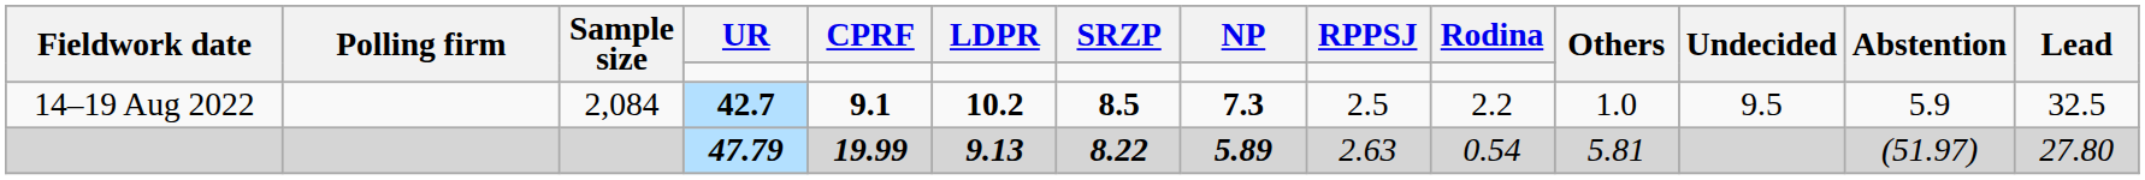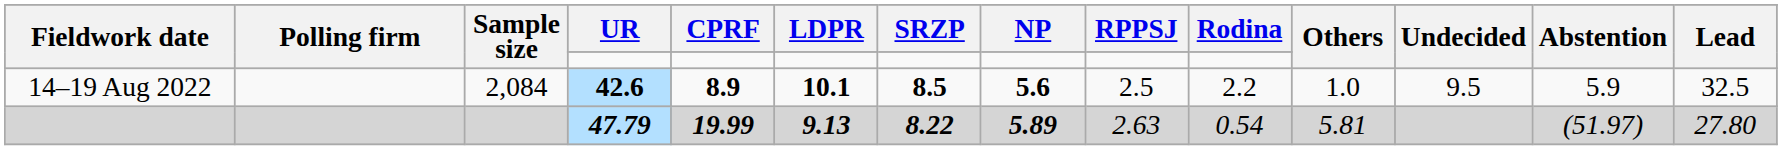 <table class=wikitable style="font-size:95%; line-height:14px; text-align:center">
 <tr>
 <th style=width:120px; rowspan=2>Fieldwork date</th>
 <th style=width:120px; rowspan=2>Polling firm</th>
 <th style=width:50px; rowspan=2>Sample<br>size</th>
 <th style="width:50px;"><a href='#'>UR</a></th>
 <th style="width:50px;"><a href='#'>CPRF</a></th>
 <th style="width:50px;"><a href='#'>LDPR</a></th>
 <th style="width:50px;"><a href='#'>SRZP</a></th>
 <th style="width:50px;"><a href='#'>NP</a></th>
 <th style="width:50px;"><a href='#'>RPPSJ</a></th>
 <th style="width:50px;"><a href='#'>Rodina</a></th>
 <th style="width:50px;" rowspan=2>Others</th>
 <th style="width:50px;" rowspan=2>Undecided</th>
 <th style="width:50px;" rowspan=2>Abstention</th>
 <th style="width:50px;" rowspan="2">Lead</th>
 </tr>
 <tr>
 <td bgcolor=></td>
 <td bgcolor=></td>
 <td bgcolor=></td>
 <td bgcolor=></td>
 <td bgcolor=></td>
 <td bgcolor=></td>
 <td bgcolor=></td>
 </tr>
 <tr>
 <td>14–19 Aug 2022</td>
 <td></td>
 <td>2,084</td>
-<td style="background:#B3E0FF"><strong>42.7</strong></td>
-<td><strong>9.1</strong></td>
-<td><strong>10.2</strong></td>
+<td style="background:#B3E0FF"><strong>42.6</strong></td>
+<td><strong>8.9</strong></td>
+<td><strong>10.1</strong></td>
 <td><strong>8.5</strong></td>
-<td><strong>7.3</strong></td>
+<td><strong>5.6</strong></td>
 <td>2.5</td>
 <td>2.2</td>
 <td>1.0</td>
 <td>9.5</td>
 <td>5.9</td>
 <td style="background:">32.5</td>
 </tr>
 <tr style="background:#D5D5D5">
 <td></td>
 <td></td>
 <td></td>
 <td style="background:#B3E0FF"><strong><em>47.79</em></strong></td>
 <td><strong><em>19.99</em></strong></td>
 <td><strong><em>9.13</em></strong></td>
 <td><strong><em>8.22</em></strong></td>
 <td><strong><em>5.89</em></strong></td>
 <td><em>2.63</em></td>
 <td><em>0.54</em></td>
 <td><em>5.81</em></td>
 <td></td>
 <td><em>(51.97)</em></td>
 <td style="background:"><em>27.80</em></td>
 </tr>
 </table>
